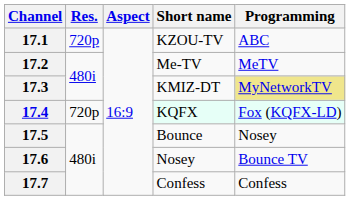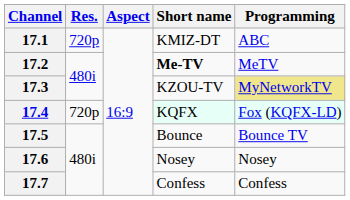 <table class="wikitable">
 <tr>
 <th><a href='#'>Channel</a></th>
 <th><a href='#'>Res.</a></th>
 <th><a href='#'>Aspect</a></th>
 <th>Short name</th>
 <th>Programming</th>
 </tr>
 <tr>
 <th scope = "row">17.1</th>
 <td><a href='#'>720p</a></td>
 <td rowspan="7"><a href='#'>16:9</a></td>
-<td>KZOU-TV</td>
+<td>KMIZ-DT</td>
 <td><a href='#'>ABC</a></td>
 </tr>
 <tr>
 <th scope = "row">17.2</th>
 <td rowspan=2><a href='#'>480i</a></td>
-<td>Me-TV</td>
+<td><strong>Me-TV</strong></td>
 <td><a href='#'>MeTV</a></td>
 </tr>
 <tr>
 <th scope = "row">17.3</th>
-<td>KMIZ-DT</td>
+<td>KZOU-TV</td>
 <td style="background: khaki;"><a href='#'>MyNetworkTV</a></td>
 </tr>
 <tr>
 <th scope = "row"><a href='#'>17.4</a></th>
 <td>720p</td>
 <td style="background-color: #E6FFF7;">KQFX</td>
 <td style="background-color: #E6FFF7;"><a href='#'>Fox</a> (<a href='#'>KQFX-LD</a>)</td>
 </tr>
 <tr>
 <th scope = "row">17.5</th>
 <td rowspan="3">480i</td>
 <td>Bounce</td>
-<td>Nosey</td>
+<td><a href='#'>Bounce TV</a></td>
 </tr>
 <tr>
 <th scope = "row">17.6</th>
 <td>Nosey</td>
-<td><a href='#'>Bounce TV</a></td>
+<td>Nosey</td>
 </tr>
 <tr>
 <th scope = "row">17.7</th>
 <td>Confess</td>
 <td>Confess</td>
 </tr>
 </table>
